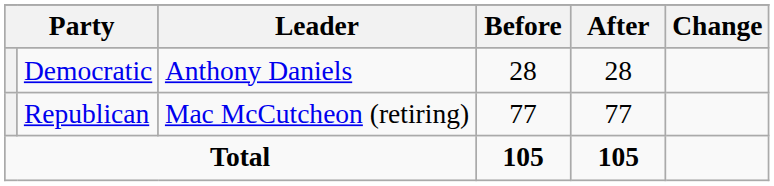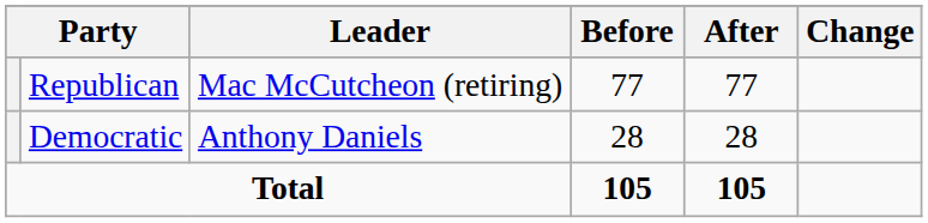 <table class="wikitable" style="text-align:center;">
 <tr>
 </tr>
 <tr>
 <th colspan=2>Party</th>
 <th>Leader</th>
 <th style="width:3em">Before</th>
 <th style="width:3em">After</th>
 <th style="width:3em">Change</th>
 </tr>
 <tr>
 <th style="background-color:"></th>
+<td style="text-align:left;"><a href='#'>Republican</a></td>
+<td style="text-align:left;"><a href='#'>Mac McCutcheon</a> (retiring)</td>
+<td>77</td>
+<td>77</td>
+<td></td>
+</tr>
+<tr>
+<th style="background-color:"></th>
 <td style="text-align:left;"><a href='#'>Democratic</a></td>
 <td style="text-align:left;"><a href='#'>Anthony Daniels</a></td>
 <td>28</td>
 <td>28</td>
-<td></td>
-</tr>
-<tr>
-<th style="background-color:"></th>
-<td style="text-align:left;"><a href='#'>Republican</a></td>
-<td style="text-align:left;"><a href='#'>Mac McCutcheon</a> (retiring)</td>
-<td>77</td>
-<td>77</td>
 <td></td>
 </tr>
 <tr>
 <td colspan=3><strong>Total</strong></td>
 <td><strong>105</strong></td>
 <td><strong>105</strong></td>
 <td></td>
 </tr>
 </table>
